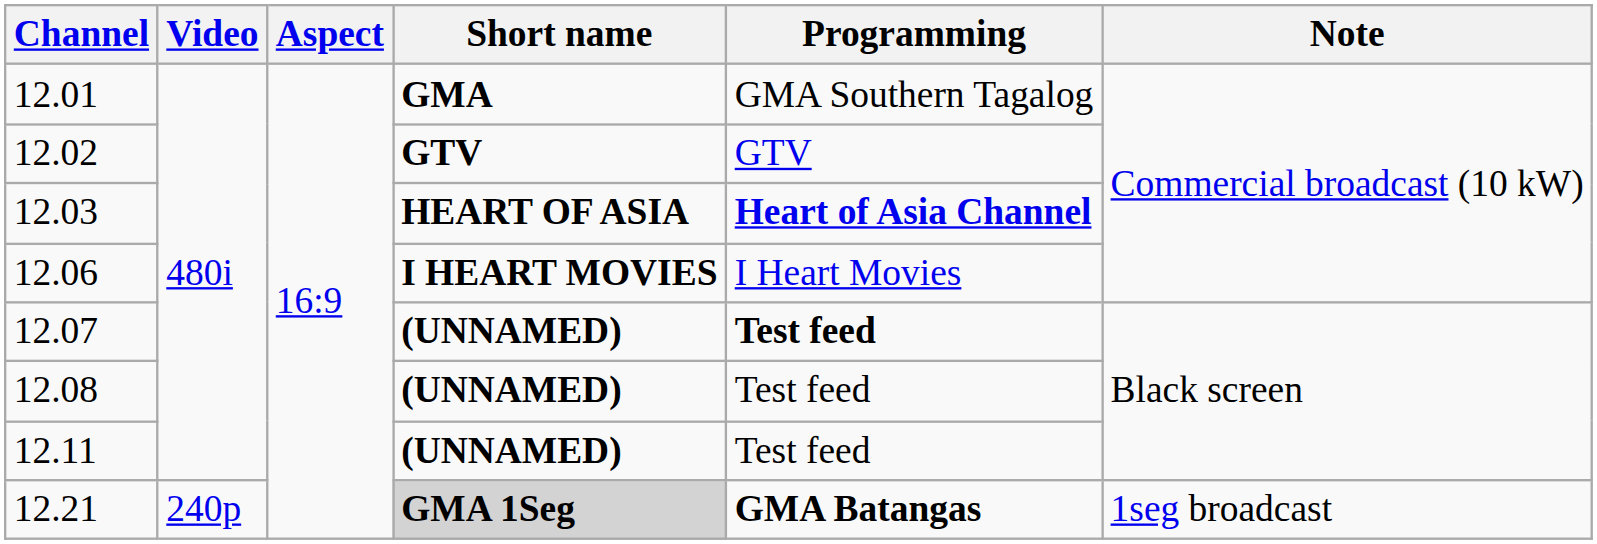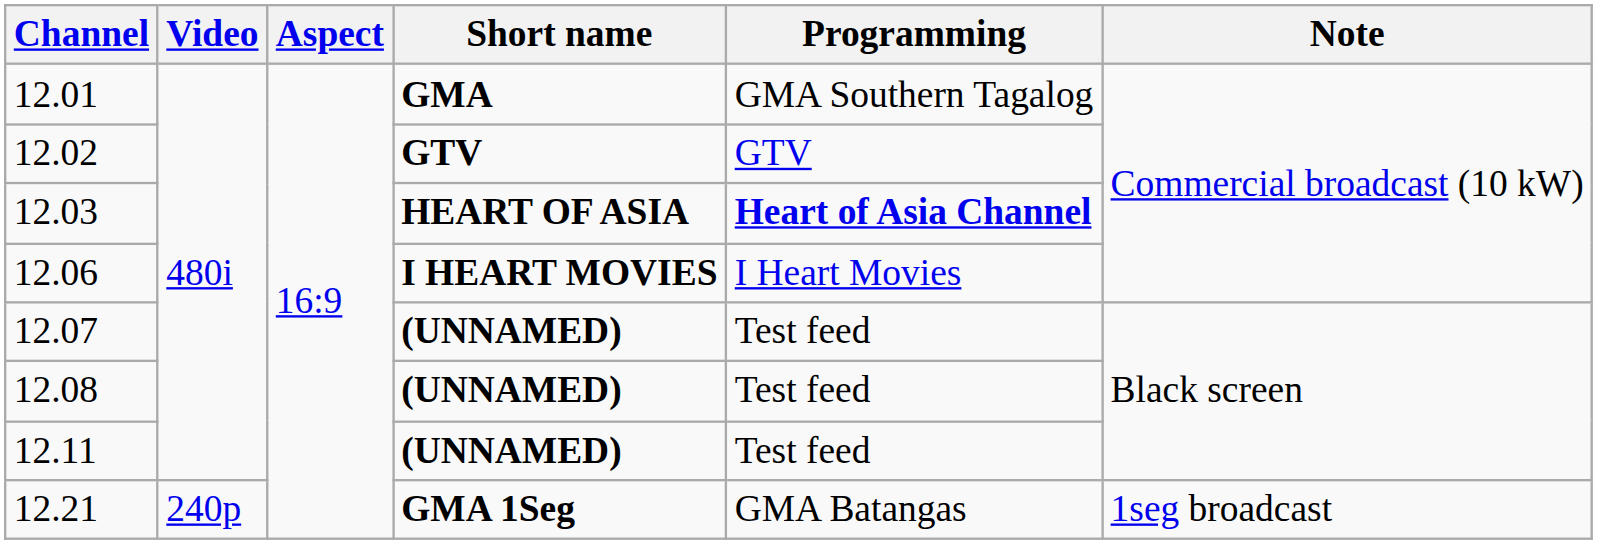 <table class="wikitable">
 <tr>
 <th><a href='#'>Channel</a></th>
 <th><a href='#'>Video</a></th>
 <th><a href='#'>Aspect</a></th>
 <th>Short name</th>
 <th>Programming</th>
 <th>Note</th>
 </tr>
 <tr>
 <td>12.01</td>
 <td rowspan="7"><a href='#'>480i</a></td>
 <td rowspan="8"><a href='#'>16:9</a></td>
 <td><strong>GMA</strong></td>
 <td>GMA Southern Tagalog</td>
 <td rowspan="4"><a href='#'>Commercial broadcast</a> (10 kW)</td>
 </tr>
 <tr>
 <td>12.02</td>
 <td><strong>GTV</strong></td>
 <td><a href='#'>GTV</a></td>
 </tr>
 <tr>
 <td>12.03</td>
 <td><strong>HEART OF ASIA</strong></td>
 <td><strong><a href='#'>Heart of Asia Channel</a></strong></td>
 </tr>
 <tr>
 <td>12.06</td>
 <td><strong>I HEART MOVIES</strong></td>
 <td><a href='#'>I Heart Movies</a></td>
 </tr>
 <tr>
 <td>12.07</td>
 <td><strong>(UNNAMED)</strong></td>
-<td><strong>Test feed</strong></td>
+<td>Test feed</td>
 <td rowspan="3">Black screen</td>
 </tr>
 <tr>
 <td>12.08</td>
 <td><strong>(UNNAMED)</strong></td>
 <td>Test feed</td>
 </tr>
 <tr>
 <td>12.11</td>
 <td><strong>(UNNAMED)</strong></td>
 <td>Test feed</td>
 </tr>
 <tr>
 <td>12.21</td>
 <td><a href='#'>240p</a></td>
-<td style="background: lightgrey;"><strong>GMA 1Seg</strong></td>
-<td><strong>GMA Batangas</strong></td>
+<td><strong>GMA 1Seg</strong></td>
+<td>GMA Batangas</td>
 <td><a href='#'>1seg</a> broadcast</td>
 </tr>
 </table>
